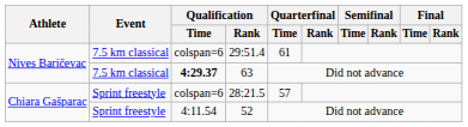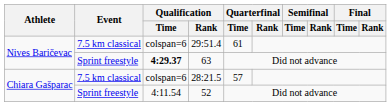 <table class="wikitable" style="font-size:90%">
 <tr>
 <th rowspan="2">Athlete</th>
 <th rowspan="2">Event</th>
 <th colspan="2">Qualification</th>
 <th colspan="2">Quarterfinal</th>
 <th colspan="2">Semifinal</th>
 <th colspan="2">Final</th>
 </tr>
 <tr style="font-size:95%">
 <th>Time</th>
 <th>Rank</th>
 <th>Time</th>
 <th>Rank</th>
 <th>Time</th>
 <th>Rank</th>
 <th>Time</th>
 <th>Rank</th>
 </tr>
 <tr align=center>
 <td align=left rowspan=2><a href='#'>Nives Baričevac</a></td>
 <td align=left><a href='#'>7.5 km classical</a></td>
 <td>colspan=6</td>
 <td>29:51.4</td>
 <td>61</td>
 </tr>
 <tr align=center>
-<td align=left><a href='#'>7.5 km classical</a></td>
+<td align=left><a href='#'>Sprint freestyle</a></td>
 <td><strong>4:29.37</strong></td>
 <td>63</td>
 <td colspan=6>Did not advance</td>
 </tr>
 <tr align=center>
 <td align=left rowspan=2><a href='#'>Chiara Gašparac</a></td>
-<td align=left><a href='#'>Sprint freestyle</a></td>
+<td align=left><a href='#'>7.5 km classical</a></td>
 <td>colspan=6</td>
 <td>28:21.5</td>
 <td>57</td>
 </tr>
 <tr align=center>
 <td align=left><a href='#'>Sprint freestyle</a></td>
 <td>4:11.54</td>
 <td>52</td>
 <td colspan=6>Did not advance</td>
 </tr>
 </table>
